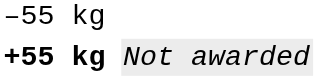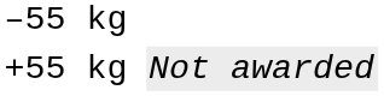 <table>
 <tr>
 <td>–55 kg</td>
 <td></td>
 <td></td>
 <td></td>
 </tr>
 <tr>
-<td><strong>+55 kg</strong></td>
+<td>+55 kg</td>
 <td></td>
 <td colspan=2 align=center style="background-color:#ececec;"><em>Not awarded</em> </td>
 </tr>
 </table>
